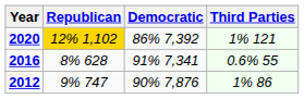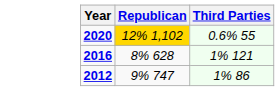 <table class="wikitable" style="float:right; font-size:95%;">
 <tr bgcolor=lightgrey>
 <th>Year</th>
 <th><a href='#'>Republican</a></th>
-<th><a href='#'>Democratic</a></th>
 <th><a href='#'>Third Parties</a></th>
 </tr>
 <tr>
 <td style="text-align:center; "><strong><a href='#'>2020</a></strong></td>
 <td style="background: gold; text-align:center; "><em>12%</em> <em>1,102</em></td>
-<td style="text-align:center; "><em>86%</em> <em>7,392</em></td>
-<td style="text-align:center; background:honeyDew;"><em>1%</em> <em>121</em></td>
+<td style="text-align:center; background:honeyDew;"><em>0.6%</em> <em>55</em></td>
 </tr>
 <tr>
 <td style="text-align:center; "><strong><a href='#'>2016</a></strong></td>
 <td style="text-align:center; "><em>8%</em> <em>628</em></td>
-<td style="text-align:center; "><em>91%</em> <em>7,341</em></td>
-<td style="text-align:center; background:honeyDew;"><em>0.6%</em> <em>55</em></td>
+<td style="text-align:center; background:honeyDew;"><em>1%</em> <em>121</em></td>
 </tr>
 <tr>
 <td style="text-align:center; "><strong><a href='#'>2012</a></strong></td>
 <td style="text-align:center; "><em>9%</em> <em>747</em></td>
-<td style="text-align:center; "><em>90%</em> <em>7,876</em></td>
 <td style="text-align:center; background:honeyDew;"><em>1%</em> <em>86</em></td>
 </tr>
 </table>
